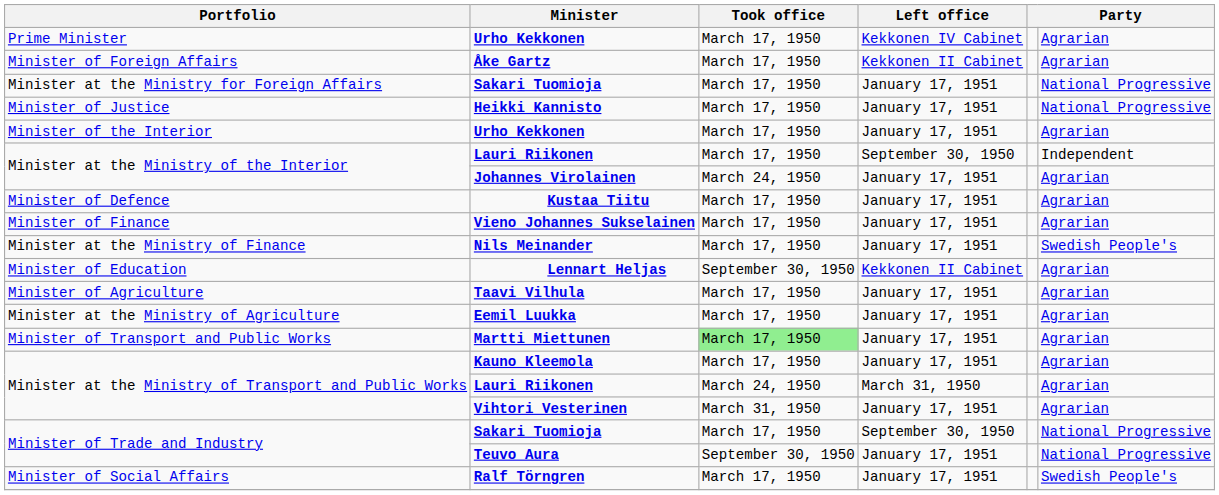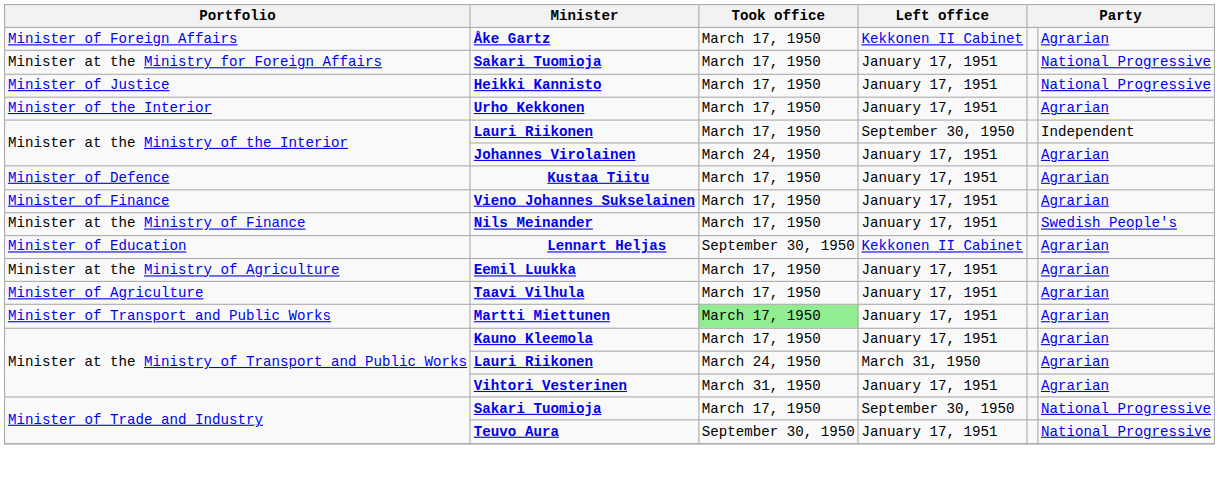 <table class=wikitable>
 <tr>
 <th>Portfolio</th>
 <th>Minister</th>
 <th>Took office</th>
 <th>Left office</th>
 <th colspan ="2">Party</th>
-</tr>
-<tr>
-<td align="left"><a href='#'>Prime Minister</a></td>
-<td align="left"> <strong><a href='#'>Urho Kekkonen</a></strong></td>
-<td>March 17, 1950</td>
-<td><a href='#'>Kekkonen IV Cabinet</a></td>
-<td style="width: 4px; background: "></td>
-<td><a href='#'>Agrarian</a></td>
 </tr>
 <tr>
 <td align="left"><a href='#'>Minister of  Foreign Affairs</a></td>
 <td align="left"> <strong><a href='#'>Åke Gartz</a></strong></td>
 <td>March 17, 1950</td>
 <td><a href='#'>Kekkonen II Cabinet</a></td>
 <td style="width: 4px; background: "></td>
 <td><a href='#'>Agrarian</a></td>
 </tr>
 <tr>
 <td align="left">Minister at the <a href='#'>Ministry for Foreign Affairs</a></td>
 <td align="left"> <strong><a href='#'>Sakari Tuomioja</a></strong></td>
 <td>March 17, 1950</td>
 <td>January 17, 1951</td>
 <td style="width: 4px; background: "></td>
 <td><a href='#'>National Progressive</a></td>
 </tr>
 <tr>
 <td align="left"><a href='#'>Minister of Justice</a></td>
 <td align="left"> <strong><a href='#'>Heikki Kannisto</a></strong></td>
 <td>March 17, 1950</td>
 <td>January 17, 1951</td>
 <td style="width: 4px; background: "></td>
 <td><a href='#'>National Progressive</a></td>
 </tr>
 <tr>
 <td align="left"><a href='#'>Minister of the Interior</a></td>
 <td align="left"> <strong><a href='#'>Urho Kekkonen</a></strong></td>
 <td>March 17, 1950</td>
 <td>January 17, 1951</td>
 <td style="width: 4px; background: "></td>
 <td><a href='#'>Agrarian</a></td>
 </tr>
 <tr>
 <td rowspan="2" align="left">Minister at the <a href='#'>Ministry of the Interior</a></td>
 <td align="left"> <strong><a href='#'>Lauri Riikonen</a></strong></td>
 <td>March 17, 1950</td>
 <td>September 30, 1950 </td>
 <td style="width: 4px; background: "></td>
 <td>Independent</td>
 </tr>
 <tr>
 <td align="left"> <strong><a href='#'>Johannes Virolainen</a></strong></td>
 <td>March 24, 1950</td>
 <td>January 17, 1951</td>
 <td style="width: 4px; background: "></td>
 <td><a href='#'>Agrarian</a></td>
 </tr>
 <tr>
 <td align="left"><a href='#'>Minister of Defence</a></td>
 <td style="padding-left:70px" align="left"><strong><a href='#'>Kustaa Tiitu</a></strong></td>
 <td>March 17, 1950</td>
 <td>January 17, 1951</td>
 <td style="width: 4px; background: "></td>
 <td><a href='#'>Agrarian</a></td>
 </tr>
 <tr>
 <td align="left"><a href='#'>Minister of Finance</a></td>
 <td align="left"> <strong><a href='#'>Vieno Johannes Sukselainen</a></strong></td>
 <td>March 17, 1950</td>
 <td>January 17, 1951</td>
 <td style="width: 4px; background: "></td>
 <td><a href='#'>Agrarian</a></td>
 </tr>
 <tr>
 <td align="left">Minister at the <a href='#'>Ministry of Finance</a></td>
 <td align="left"> <strong><a href='#'>Nils Meinander</a></strong></td>
 <td>March 17, 1950</td>
 <td>January 17, 1951</td>
 <td style="width: 4px; background: "></td>
 <td><a href='#'>Swedish People's</a></td>
 </tr>
 <tr>
 <td align="left"><a href='#'>Minister of Education</a></td>
 <td style="padding-left:70px" align="left"><strong><a href='#'>Lennart Heljas</a></strong></td>
 <td>September 30, 1950</td>
 <td><a href='#'>Kekkonen II Cabinet</a></td>
 <td style="width: 4px; background: "></td>
 <td><a href='#'>Agrarian</a></td>
 </tr>
 <tr>
-<td align="left"><a href='#'>Minister of Agriculture</a></td>
-<td align="left"> <strong><a href='#'>Taavi Vilhula</a></strong></td>
+<td align="left">Minister at the <a href='#'>Ministry of Agriculture</a></td>
+<td align="left"> <strong><a href='#'>Eemil Luukka</a></strong></td>
 <td>March 17, 1950</td>
 <td>January 17, 1951</td>
 <td style="width: 4px; background: "></td>
 <td><a href='#'>Agrarian</a></td>
 </tr>
 <tr>
-<td align="left">Minister at the <a href='#'>Ministry of Agriculture</a></td>
-<td align="left"> <strong><a href='#'>Eemil Luukka</a></strong></td>
+<td align="left"><a href='#'>Minister of Agriculture</a></td>
+<td align="left"> <strong><a href='#'>Taavi Vilhula</a></strong></td>
 <td>March 17, 1950</td>
 <td>January 17, 1951</td>
 <td style="width: 4px; background: "></td>
 <td><a href='#'>Agrarian</a></td>
 </tr>
 <tr>
 <td align="left"><a href='#'>Minister of Transport and Public Works</a></td>
 <td align="left"> <strong><a href='#'>Martti Miettunen</a></strong></td>
 <td style="background: lightgreen;">March 17, 1950</td>
 <td>January 17, 1951</td>
 <td style="width: 4px; background: "></td>
 <td><a href='#'>Agrarian</a></td>
 </tr>
 <tr>
 <td rowspan="3" align="left">Minister at the <a href='#'>Ministry of Transport and Public Works</a></td>
 <td align="left"> <strong><a href='#'>Kauno Kleemola</a></strong></td>
 <td>March 17, 1950</td>
 <td>January 17, 1951</td>
 <td style="width: 4px; background: "></td>
 <td><a href='#'>Agrarian</a></td>
 </tr>
 <tr>
 <td align="left"> <strong><a href='#'>Lauri Riikonen</a></strong></td>
 <td>March 24, 1950</td>
 <td>March 31, 1950 </td>
 <td style="width: 4px; background: "></td>
 <td><a href='#'>Agrarian</a></td>
 </tr>
 <tr>
 <td align="left"> <strong><a href='#'>Vihtori Vesterinen</a></strong></td>
 <td>March 31, 1950</td>
 <td>January 17, 1951</td>
 <td style="width: 4px; background: "></td>
 <td><a href='#'>Agrarian</a></td>
 </tr>
 <tr>
 <td rowspan="2" align="left"><a href='#'>Minister of Trade and Industry</a></td>
 <td align="left"> <strong><a href='#'>Sakari Tuomioja</a></strong></td>
 <td>March 17, 1950</td>
 <td>September 30, 1950 </td>
 <td style="width: 4px; background: "></td>
 <td><a href='#'>National Progressive</a></td>
 </tr>
 <tr>
 <td align="left"> <strong><a href='#'>Teuvo Aura</a></strong></td>
 <td>September 30, 1950</td>
 <td>January 17, 1951</td>
 <td style="width: 4px; background: "></td>
 <td><a href='#'>National Progressive</a></td>
 </tr>
 <tr>
-<td align="left"><a href='#'>Minister of Social Affairs</a></td>
-<td align="left"> <strong><a href='#'>Ralf Törngren</a></strong></td>
-<td>March 17, 1950</td>
-<td>January 17, 1951</td>
-<td style="width: 4px; background: "></td>
-<td><a href='#'>Swedish People's</a></td>
-</tr>
-<tr>
 </tr>
 </table>
